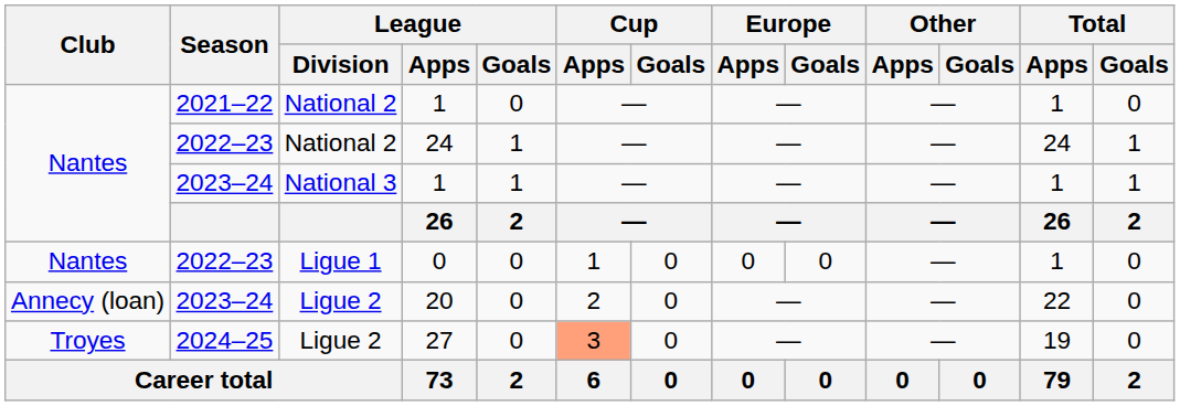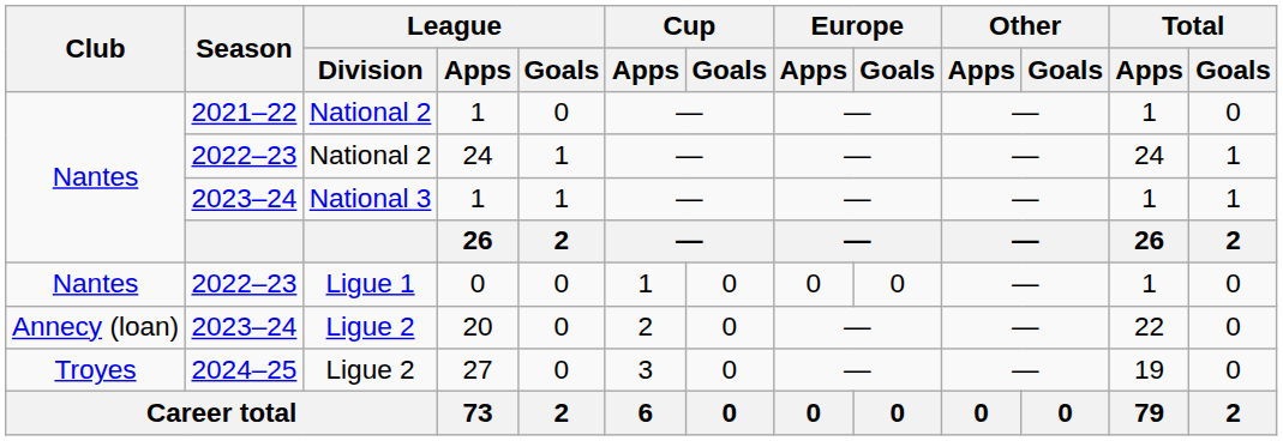 <table class="wikitable" style="text-align: center;">
 <tr>
 <th rowspan="2">Club</th>
 <th rowspan="2">Season</th>
 <th colspan="3">League</th>
 <th colspan="2">Cup</th>
 <th colspan="2">Europe</th>
 <th colspan="2">Other</th>
 <th colspan="2">Total</th>
 </tr>
 <tr>
 <th>Division</th>
 <th>Apps</th>
 <th>Goals</th>
 <th>Apps</th>
 <th>Goals</th>
 <th>Apps</th>
 <th>Goals</th>
 <th>Apps</th>
 <th>Goals</th>
 <th>Apps</th>
 <th>Goals</th>
 </tr>
 <tr>
 <td rowspan="4"><a href='#'>Nantes</a></td>
 <td><a href='#'>2021–22</a></td>
 <td><a href='#'>National 2</a></td>
 <td>1</td>
 <td>0</td>
 <td colspan="2">—</td>
 <td colspan="2">—</td>
 <td colspan="2">—</td>
 <td>1</td>
 <td>0</td>
 </tr>
 <tr>
 <td><a href='#'>2022–23</a></td>
 <td>National 2</td>
 <td>24</td>
 <td>1</td>
 <td colspan="2">—</td>
 <td colspan="2">—</td>
 <td colspan="2">—</td>
 <td>24</td>
 <td>1</td>
 </tr>
 <tr>
 <td><a href='#'>2023–24</a></td>
 <td><a href='#'>National 3</a></td>
 <td>1</td>
 <td>1</td>
 <td colspan="2">—</td>
 <td colspan="2">—</td>
 <td colspan="2">—</td>
 <td>1</td>
 <td>1</td>
 </tr>
 <tr>
 <th></th>
 <th></th>
 <th>26</th>
 <th>2</th>
 <th colspan="2">—</th>
 <th colspan="2">—</th>
 <th colspan="2">—</th>
 <th>26</th>
 <th>2</th>
 </tr>
 <tr>
 <td><a href='#'>Nantes</a></td>
 <td><a href='#'>2022–23</a></td>
 <td><a href='#'>Ligue 1</a></td>
 <td>0</td>
 <td>0</td>
 <td>1</td>
 <td>0</td>
 <td>0</td>
 <td>0</td>
 <td colspan="2">—</td>
 <td>1</td>
 <td>0</td>
 </tr>
 <tr>
 <td><a href='#'>Annecy</a> (loan)</td>
 <td><a href='#'>2023–24</a></td>
 <td><a href='#'>Ligue 2</a></td>
 <td>20</td>
 <td>0</td>
 <td>2</td>
 <td>0</td>
 <td colspan="2">—</td>
 <td colspan="2">—</td>
 <td>22</td>
 <td>0</td>
 </tr>
 <tr>
 <td><a href='#'>Troyes</a></td>
 <td><a href='#'>2024–25</a></td>
 <td>Ligue 2</td>
 <td>27</td>
 <td>0</td>
-<td style="background: lightsalmon;">3</td>
+<td>3</td>
 <td>0</td>
 <td colspan="2">—</td>
 <td colspan="2">—</td>
 <td>19</td>
 <td>0</td>
 </tr>
 <tr>
 <th colspan="3">Career total</th>
 <th>73</th>
 <th>2</th>
 <th>6</th>
 <th>0</th>
 <th>0</th>
 <th>0</th>
 <th>0</th>
 <th>0</th>
 <th>79</th>
 <th>2</th>
 </tr>
 </table>
